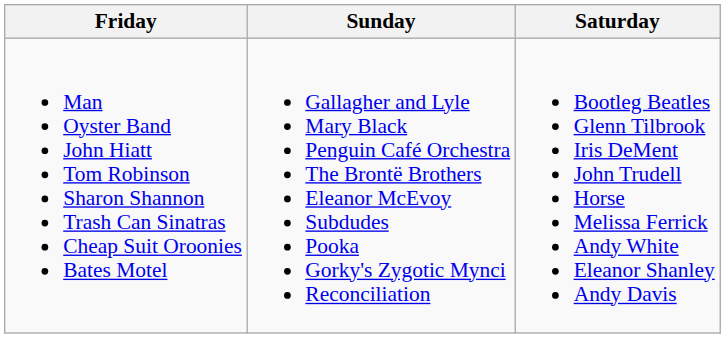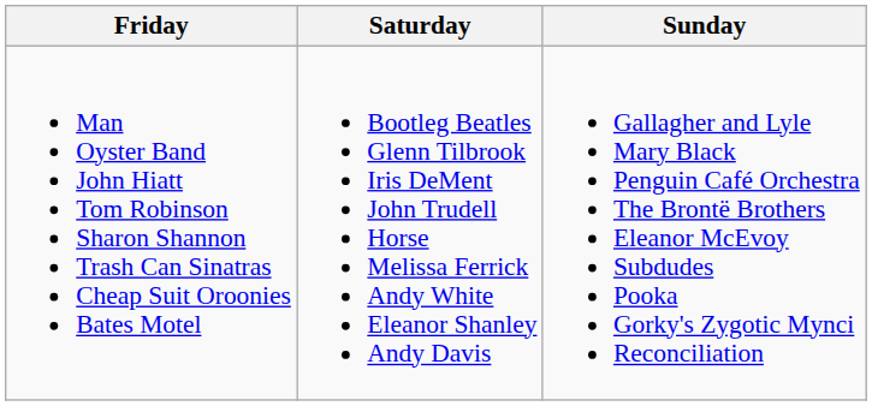 <table class="wikitable">
 <tr>
 <th>Friday</th>
+<th>Saturday</th>
 <th>Sunday</th>
-<th>Saturday</th>
 </tr>
 <tr valign="top">
 <td><br><ul><li><a href='#'>Man</a></li><li><a href='#'>Oyster Band</a></li><li><a href='#'>John Hiatt</a></li><li><a href='#'>Tom Robinson</a></li><li><a href='#'>Sharon Shannon</a></li><li><a href='#'>Trash Can Sinatras</a></li><li><a href='#'>Cheap Suit Oroonies</a></li><li><a href='#'>Bates Motel</a></li></ul></td>
+<td><br><ul><li><a href='#'>Bootleg Beatles</a></li><li><a href='#'>Glenn Tilbrook</a></li><li><a href='#'>Iris DeMent</a></li><li><a href='#'>John Trudell</a></li><li><a href='#'>Horse</a></li><li><a href='#'>Melissa Ferrick</a></li><li><a href='#'>Andy White</a></li><li><a href='#'>Eleanor Shanley</a></li><li><a href='#'>Andy Davis</a></li></ul></td>
 <td><br><ul><li><a href='#'>Gallagher and Lyle</a></li><li><a href='#'>Mary Black</a></li><li><a href='#'>Penguin Café Orchestra</a></li><li><a href='#'>The Brontë Brothers</a></li><li><a href='#'>Eleanor McEvoy</a></li><li><a href='#'>Subdudes</a></li><li><a href='#'>Pooka</a></li><li><a href='#'>Gorky's Zygotic Mynci</a></li><li><a href='#'>Reconciliation</a></li></ul></td>
-<td><br><ul><li><a href='#'>Bootleg Beatles</a></li><li><a href='#'>Glenn Tilbrook</a></li><li><a href='#'>Iris DeMent</a></li><li><a href='#'>John Trudell</a></li><li><a href='#'>Horse</a></li><li><a href='#'>Melissa Ferrick</a></li><li><a href='#'>Andy White</a></li><li><a href='#'>Eleanor Shanley</a></li><li><a href='#'>Andy Davis</a></li></ul></td>
 </tr>
 </table>
